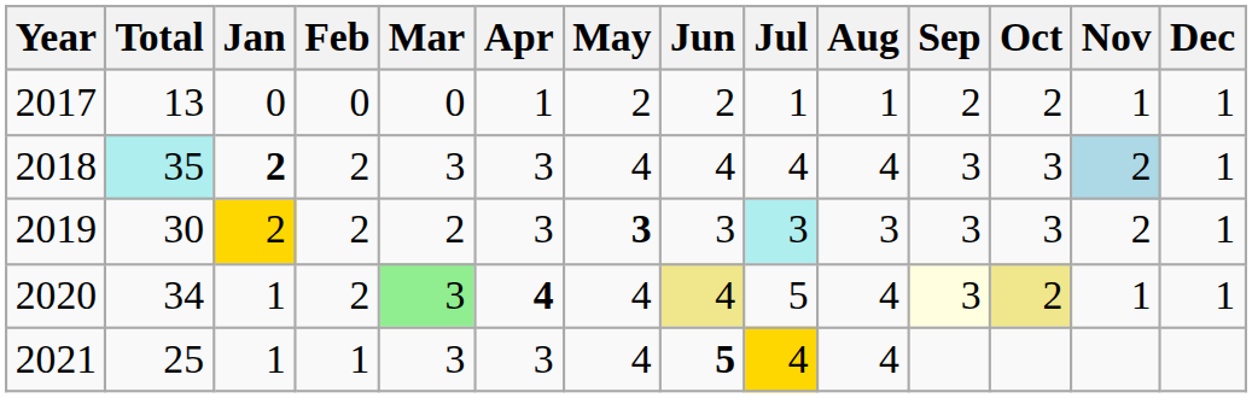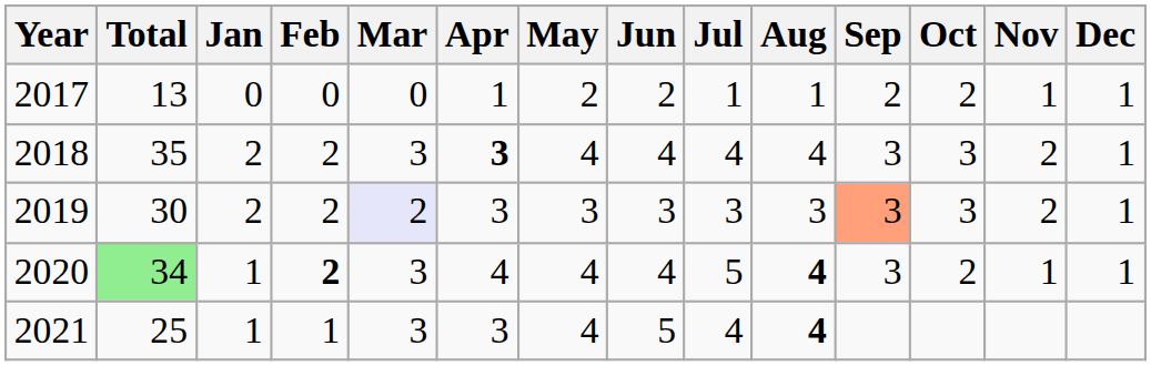 <table class="wikitable" style="text-align:right;">
 <tr>
 <th>Year</th>
 <th>Total</th>
 <th>Jan</th>
 <th>Feb</th>
 <th>Mar</th>
 <th>Apr</th>
 <th>May</th>
 <th>Jun</th>
 <th>Jul</th>
 <th>Aug</th>
 <th>Sep</th>
 <th>Oct</th>
 <th>Nov</th>
 <th>Dec</th>
 </tr>
 <tr align=right>
 <td>2017</td>
 <td>13</td>
 <td>0</td>
 <td>0</td>
 <td>0</td>
 <td>1</td>
 <td>2</td>
 <td>2</td>
 <td>1</td>
 <td>1</td>
 <td>2</td>
 <td>2</td>
 <td>1</td>
 <td>1</td>
 </tr>
 <tr align=right>
 <td>2018</td>
-<td style="background: paleturquoise;">35</td>
-<td><strong>2</strong></td>
+<td>35</td>
+<td>2</td>
 <td>2</td>
 <td>3</td>
-<td>3</td>
+<td><strong>3</strong></td>
 <td>4</td>
 <td>4</td>
 <td>4</td>
 <td>4</td>
 <td>3</td>
 <td>3</td>
-<td style="background: lightblue;">2</td>
+<td>2</td>
 <td>1</td>
 </tr>
 <tr align=right>
 <td>2019</td>
 <td>30</td>
-<td style="background: gold;">2</td>
 <td>2</td>
 <td>2</td>
-<td>3</td>
-<td><strong>3</strong></td>
-<td>3</td>
-<td style="background: paleturquoise;">3</td>
+<td style="background: lavender;">2</td>
 <td>3</td>
 <td>3</td>
+<td>3</td>
+<td>3</td>
+<td>3</td>
+<td style="background: lightsalmon;">3</td>
 <td>3</td>
 <td>2</td>
 <td>1</td>
 </tr>
 <tr align=right>
 <td>2020</td>
-<td>34</td>
+<td style="background: lightgreen;">34</td>
 <td>1</td>
+<td><strong>2</strong></td>
+<td>3</td>
+<td>4</td>
+<td>4</td>
+<td>4</td>
+<td>5</td>
+<td><strong>4</strong></td>
+<td>3</td>
 <td>2</td>
-<td style="background: lightgreen;">3</td>
-<td><strong>4</strong></td>
-<td>4</td>
-<td style="background: khaki;">4</td>
-<td>5</td>
-<td>4</td>
-<td style="background: lightyellow;">3</td>
-<td style="background: khaki;">2</td>
 <td>1</td>
 <td>1</td>
 </tr>
 <tr align=right>
 <td>2021</td>
 <td>25</td>
 <td>1</td>
 <td>1</td>
 <td>3</td>
 <td>3</td>
 <td>4</td>
-<td><strong>5</strong></td>
-<td style="background: gold;">4</td>
+<td>5</td>
 <td>4</td>
+<td><strong>4</strong></td>
 <td></td>
 <td></td>
 <td></td>
 </tr>
 </table>
